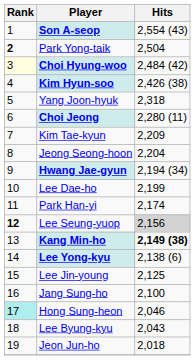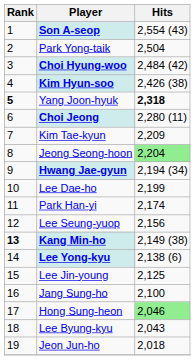 <table class="wikitable sortable" style="float:left;">
 <tr>
 <th>Rank</th>
 <th>Player</th>
 <th>Hits</th>
 </tr>
 <tr>
 <td>1</td>
 <td style="background:#cfecec;"><strong><a href='#'>Son A-seop</a></strong></td>
 <td>2,554 (43)</td>
 </tr>
 <tr>
-<td><strong>2</strong></td>
+<td>2</td>
 <td><a href='#'>Park Yong-taik</a></td>
 <td>2,504</td>
 </tr>
 <tr>
-<td style="background: lightyellow;">3</td>
+<td>3</td>
 <td style="background:#cfecec;"><strong><a href='#'>Choi Hyung-woo</a></strong></td>
 <td>2,484 (42)</td>
 </tr>
 <tr>
 <td>4</td>
 <td style="background:#cfecec;"><strong><a href='#'>Kim Hyun-soo</a></strong></td>
 <td>2,426 (38)</td>
 </tr>
 <tr>
-<td>5</td>
+<td><strong>5</strong></td>
 <td><a href='#'>Yang Joon-hyuk</a></td>
-<td>2,318</td>
+<td><strong>2,318</strong></td>
 </tr>
 <tr>
 <td>6</td>
 <td style="background:#cfecec;"><strong><a href='#'>Choi Jeong</a></strong></td>
 <td>2,280 (11)</td>
 </tr>
 <tr>
 <td>7</td>
 <td><a href='#'>Kim Tae-kyun</a></td>
 <td>2,209</td>
 </tr>
 <tr>
 <td>8</td>
 <td><a href='#'>Jeong Seong-hoon</a></td>
-<td>2,204</td>
+<td style="background: lightgreen;">2,204</td>
 </tr>
 <tr>
 <td>9</td>
 <td style="background:#cfecec;"><strong><a href='#'>Hwang Jae-gyun</a></strong></td>
 <td>2,194 (34)</td>
 </tr>
 <tr>
 <td>10</td>
 <td><a href='#'>Lee Dae-ho</a></td>
 <td>2,199</td>
 </tr>
 <tr>
 <td>11</td>
 <td><a href='#'>Park Han-yi</a></td>
 <td>2,174</td>
 </tr>
 <tr>
-<td><strong>12</strong></td>
+<td>12</td>
 <td><a href='#'>Lee Seung-yuop</a></td>
-<td style="background: lightgrey;">2,156</td>
+<td>2,156</td>
 </tr>
 <tr>
-<td>13</td>
+<td><strong>13</strong></td>
 <td style="background:#cfecec;"><strong><a href='#'>Kang Min-ho</a></strong></td>
-<td><strong>2,149 (38)</strong></td>
+<td>2,149 (38)</td>
 </tr>
 <tr>
 <td>14</td>
 <td style="background:#cfecec;"><strong><a href='#'>Lee Yong-kyu</a></strong></td>
 <td>2,138 (6)</td>
 </tr>
 <tr>
 <td>15</td>
 <td><a href='#'>Lee Jin-young</a></td>
 <td>2,125</td>
 </tr>
 <tr>
 <td>16</td>
 <td><a href='#'>Jang Sung-ho</a></td>
 <td>2,100</td>
 </tr>
 <tr>
-<td style="background: paleturquoise;">17</td>
+<td>17</td>
 <td><a href='#'>Hong Sung-heon</a></td>
-<td>2,046</td>
+<td style="background: lightgreen;">2,046</td>
 </tr>
 <tr>
 <td>18</td>
 <td><a href='#'>Lee Byung-kyu</a></td>
 <td>2,043</td>
 </tr>
 <tr>
 <td>19</td>
 <td><a href='#'>Jeon Jun-ho</a></td>
 <td>2,018</td>
 </tr>
 <tr>
 </tr>
 </table>
